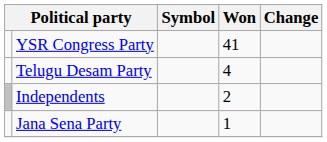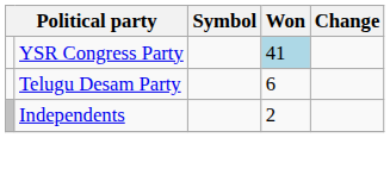 <table CLASS="sortable wikitable">
 <tr>
 <th colspan="2">Political party</th>
 <th>Symbol</th>
 <th>Won</th>
 <th>Change</th>
 </tr>
 <tr>
 <td></td>
 <td><a href='#'>YSR Congress Party</a></td>
 <td></td>
-<td>41</td>
+<td style="background: lightblue;">41</td>
 <td></td>
 </tr>
 <tr>
 <td></td>
 <td><a href='#'>Telugu Desam Party</a></td>
 <td></td>
-<td>4</td>
+<td>6</td>
 <td></td>
 </tr>
 <tr>
 <td bgcolor=#C1C1C1></td>
 <td><a href='#'>Independents</a></td>
 <td></td>
 <td>2</td>
 <td></td>
 </tr>
 <tr>
-<td></td>
-<td><a href='#'>Jana Sena Party</a></td>
-<td></td>
-<td>1</td>
-<td></td>
-</tr>
-<tr>
 </tr>
 </table>
